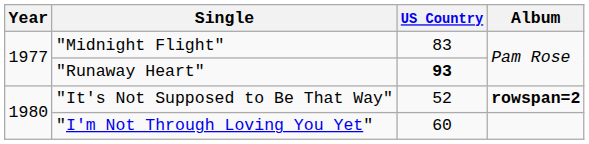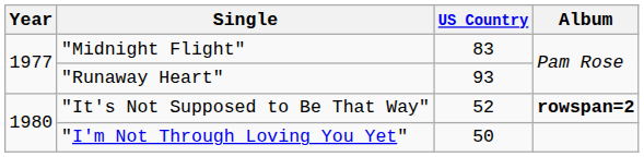 <table class="wikitable">
 <tr>
 <th>Year</th>
 <th>Single</th>
 <th><small><a href='#'>US Country</a></small></th>
 <th>Album</th>
 </tr>
 <tr>
 <td rowspan=2>1977</td>
 <td>"Midnight Flight"</td>
 <td align=center>83</td>
 <td rowspan=2><em>Pam Rose</em></td>
 </tr>
 <tr>
 <td>"Runaway Heart"</td>
-<td align=center><strong>93</strong></td>
+<td align=center>93</td>
 </tr>
 <tr>
 <td rowspan=2>1980</td>
 <td>"It's Not Supposed to Be That Way"</td>
 <td align=center>52</td>
 <td><strong>rowspan=2</strong></td>
 </tr>
 <tr>
 <td>"<a href='#'>I'm Not Through Loving You Yet</a>"</td>
-<td align=center>60</td>
+<td align=center>50</td>
 </tr>
 </table>
